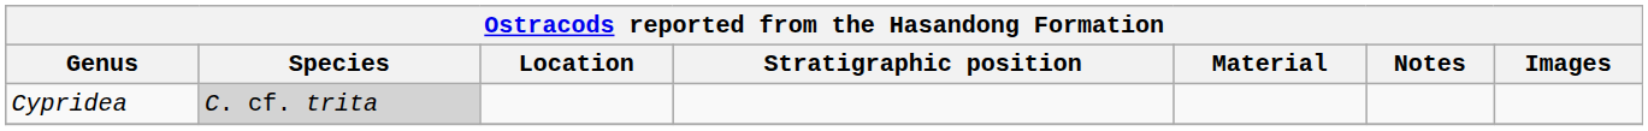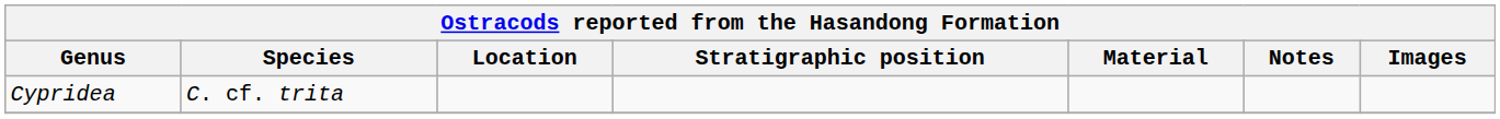 <table class="wikitable" align="center" width="100%">
 <tr>
 <th colspan="7" align="center"><strong><a href='#'>Ostracods</a> reported from the Hasandong Formation</strong></th>
 </tr>
 <tr>
 <th>Genus</th>
 <th>Species</th>
 <th>Location</th>
 <th>Stratigraphic position</th>
 <th>Material</th>
 <th>Notes</th>
 <th>Images</th>
 </tr>
 <tr>
 <td><em>Cypridea</em></td>
-<td style="background: lightgrey;"><em>C</em>.  cf. <em>trita</em></td>
+<td><em>C</em>.  cf. <em>trita</em></td>
 <td></td>
 <td></td>
 <td></td>
 <td></td>
 <td></td>
 </tr>
 <tr>
 </tr>
 </table>
